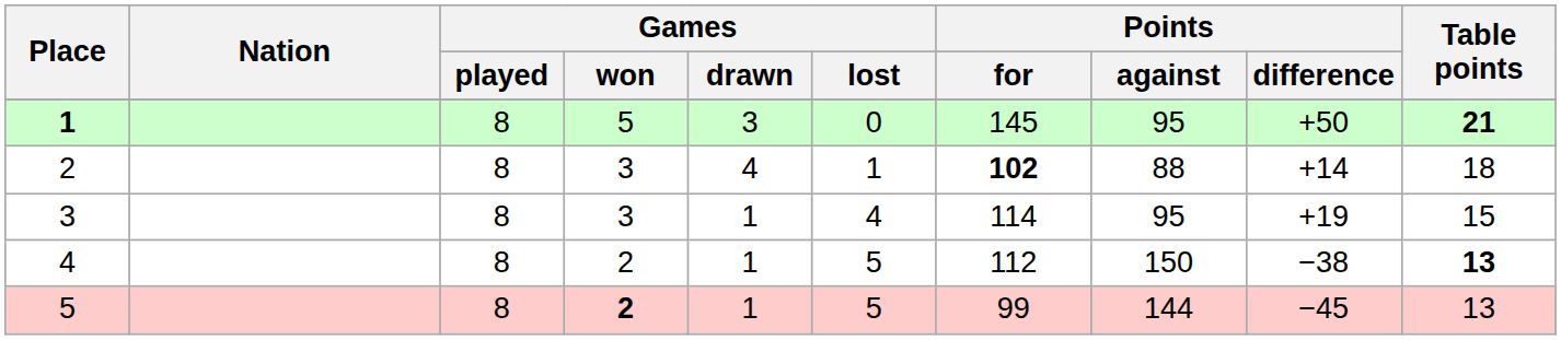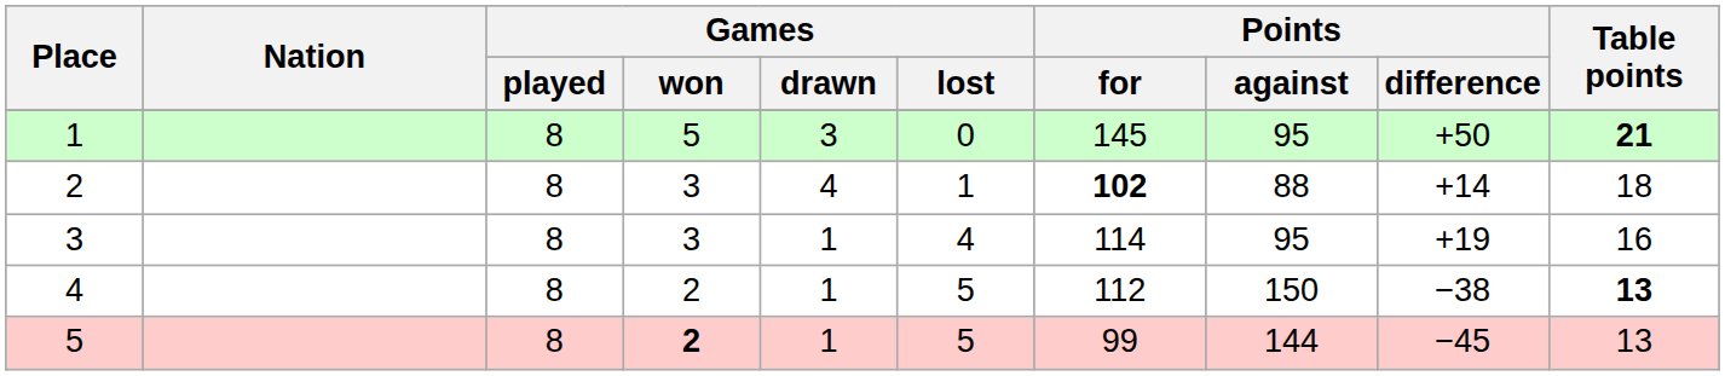 <table class="wikitable">
 <tr>
 <th rowspan=2 width="8%">Place</th>
 <th rowspan=2 width="20%">Nation</th>
 <th colspan=4 width="32%">Games</th>
 <th colspan=3 width="30%">Points</th>
 <th rowspan=2 width="10%">Table<br>points</th>
 </tr>
 <tr>
 <th width="8%">played</th>
 <th width="8%">won</th>
 <th width="8%">drawn</th>
 <th width="8%">lost</th>
 <th width="10%">for</th>
 <th width="10%">against</th>
 <th width="10%">difference</th>
 </tr>
 <tr>
 </tr>
 <tr bgcolor=#ccffcc align=center>
-<td><strong>1</strong></td>
+<td>1</td>
 <td align=left><strong></strong></td>
 <td>8</td>
 <td>5</td>
 <td>3</td>
 <td>0</td>
 <td>145</td>
 <td>95</td>
 <td>+50</td>
 <td><strong>21</strong></td>
 </tr>
 <tr bgcolor=#ffffff align=center>
 <td>2</td>
 <td align=left></td>
 <td>8</td>
 <td>3</td>
 <td>4</td>
 <td>1</td>
 <td><strong>102</strong></td>
 <td>88</td>
 <td>+14</td>
 <td>18</td>
 </tr>
 <tr bgcolor=#ffffff align=center>
 <td>3</td>
 <td align=left></td>
 <td>8</td>
 <td>3</td>
 <td>1</td>
 <td>4</td>
 <td>114</td>
 <td>95</td>
 <td>+19</td>
-<td>15</td>
+<td>16</td>
 </tr>
 <tr bgcolor=#ffffff align=center>
 <td>4</td>
 <td align=left></td>
 <td>8</td>
 <td>2</td>
 <td>1</td>
 <td>5</td>
 <td>112</td>
 <td>150</td>
 <td>−38</td>
 <td><strong>13</strong></td>
 </tr>
 <tr bgcolor=#ffcccc align=center>
 <td>5</td>
 <td align=left></td>
 <td>8</td>
 <td><strong>2</strong></td>
 <td>1</td>
 <td>5</td>
 <td>99</td>
 <td>144</td>
 <td>−45</td>
 <td>13</td>
 </tr>
 </table>
